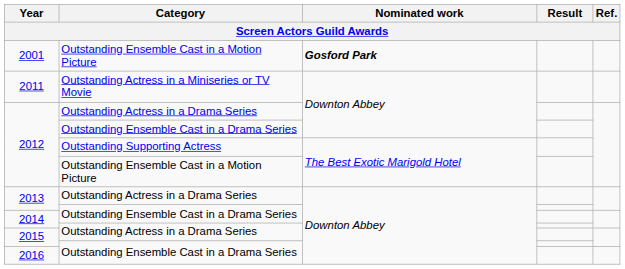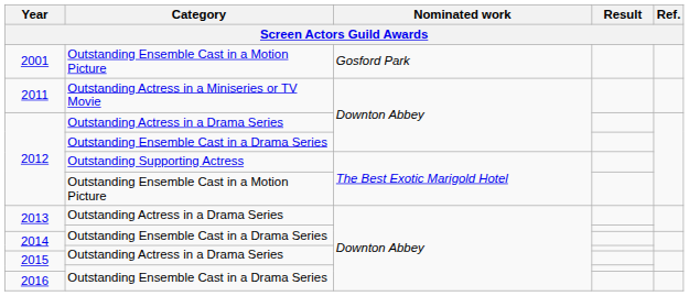 <table class=wikitable>
 <tr>
 <th scope="col" style="width:5em;">Year</th>
 <th scope="col" style="width:26em;">Category</th>
 <th scope="col" style="width:25em;">Nominated work</th>
 <th scope="col" style="width:5em;">Result</th>
 <th>Ref.</th>
 </tr>
 <tr>
 <th colspan=5><a href='#'>Screen Actors Guild Awards</a></th>
 </tr>
 <tr>
 <td style="text-align:center;"><a href='#'>2001</a></td>
 <td><a href='#'>Outstanding Ensemble Cast in a Motion Picture</a></td>
-<td><strong><em>Gosford Park</em></strong></td>
+<td><em>Gosford Park</em></td>
 <td></td>
 <td style="text-align:center;"></td>
 </tr>
 <tr>
 <td style="text-align:center;"><a href='#'>2011</a></td>
 <td><a href='#'>Outstanding Actress in a Miniseries or TV Movie</a></td>
 <td rowspan=3><em>Downton Abbey</em></td>
 <td></td>
 <td style="text-align:center;"></td>
 </tr>
 <tr>
 <td style="text-align:center;", rowspan=4><a href='#'>2012</a></td>
 <td><a href='#'>Outstanding Actress in a Drama Series</a></td>
 <td></td>
 <td style="text-align:center;", rowspan=4></td>
 </tr>
 <tr>
 <td><a href='#'>Outstanding Ensemble Cast in a Drama Series</a></td>
 <td></td>
 </tr>
 <tr>
 <td><a href='#'>Outstanding Supporting Actress</a></td>
 <td rowspan=2><em><a href='#'>The Best Exotic Marigold Hotel</a></em></td>
 <td></td>
 </tr>
 <tr>
 <td>Outstanding Ensemble Cast in a Motion Picture</td>
 <td></td>
 </tr>
 <tr>
 <td style="text-align:center;", rowspan=2><a href='#'>2013</a></td>
 <td>Outstanding Actress in a Drama Series</td>
 <td rowspan="7"><em>Downton Abbey</em></td>
 <td></td>
 <td style="text-align:center;", rowspan=2></td>
 </tr>
 <tr>
 <td rowspan=2>Outstanding Ensemble Cast in a Drama Series</td>
 <td></td>
 </tr>
 <tr>
 <td style="text-align:center;", rowspan=2><a href='#'>2014</a></td>
 <td></td>
 <td style="text-align:center;", rowspan=2></td>
 </tr>
 <tr>
 <td rowspan=2>Outstanding Actress in a Drama Series</td>
 <td></td>
 </tr>
 <tr>
 <td style="text-align:center;", rowspan="2"><a href='#'>2015</a></td>
 <td></td>
 <td style="text-align:center;", rowspan=2></td>
 </tr>
 <tr>
 <td rowspan=2>Outstanding Ensemble Cast in a Drama Series</td>
 <td></td>
 </tr>
 <tr>
 <td style="text-align:center;"><a href='#'>2016</a></td>
 <td></td>
 <td style="text-align:center;"></td>
 </tr>
 </table>
